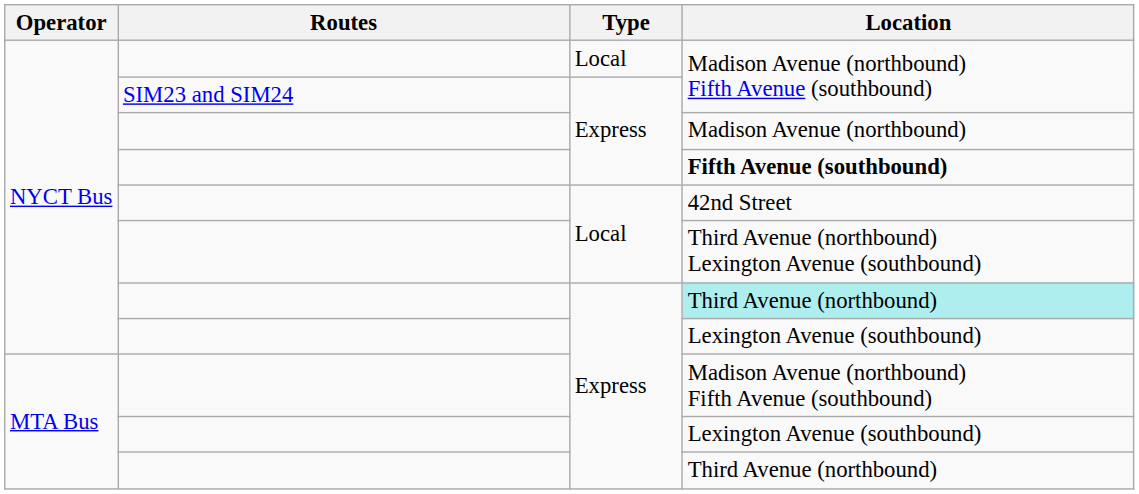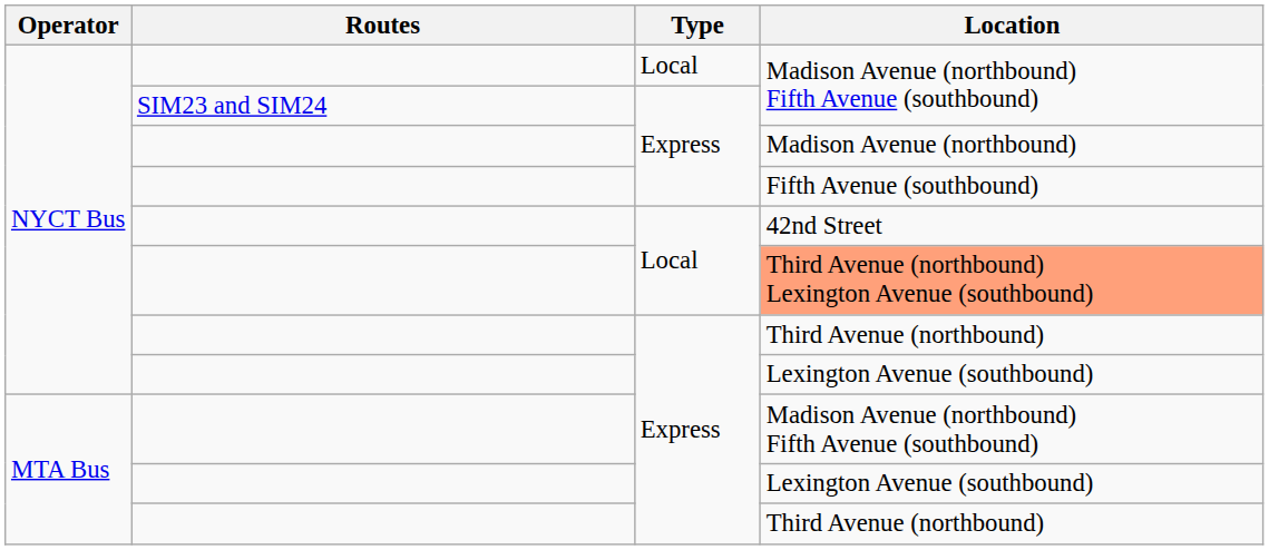 <table class="wikitable">
 <tr>
 <th width=10%>Operator</th>
 <th width=40%>Routes</th>
 <th width=10%>Type</th>
 <th width=40%>Location</th>
 </tr>
 <tr>
 <td rowspan=8><a href='#'>NYCT Bus</a></td>
 <td></td>
 <td>Local</td>
 <td rowspan="2">Madison Avenue (northbound)<br><a href='#'>Fifth Avenue</a> (southbound)</td>
 </tr>
 <tr>
 <td><a href='#'>SIM23 and SIM24</a></td>
 <td rowspan="3">Express</td>
 </tr>
 <tr>
 <td></td>
 <td>Madison Avenue (northbound)</td>
 </tr>
 <tr>
 <td></td>
-<td><strong>Fifth Avenue (southbound)</strong></td>
+<td>Fifth Avenue (southbound)</td>
 </tr>
 <tr>
 <td></td>
 <td rowspan="2">Local</td>
 <td>42nd Street</td>
 </tr>
 <tr>
 <td></td>
-<td>Third Avenue (northbound)<br>Lexington Avenue (southbound)</td>
+<td style="background: lightsalmon;">Third Avenue (northbound)<br>Lexington Avenue (southbound)</td>
 </tr>
 <tr>
 <td></td>
 <td rowspan="5">Express</td>
-<td style="background: paleturquoise;">Third Avenue (northbound)</td>
+<td>Third Avenue (northbound)</td>
 </tr>
 <tr>
 <td></td>
 <td>Lexington Avenue (southbound)</td>
 </tr>
 <tr>
 <td rowspan=3><a href='#'>MTA Bus</a></td>
 <td></td>
 <td>Madison Avenue (northbound)<br>Fifth Avenue (southbound)</td>
 </tr>
 <tr>
 <td></td>
 <td>Lexington Avenue (southbound)</td>
 </tr>
 <tr>
 <td></td>
 <td>Third Avenue (northbound)</td>
 </tr>
 </table>
